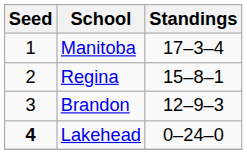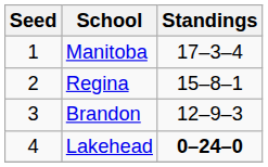 <table class="wikitable">
 <tr>
 <th>Seed</th>
 <th>School</th>
 <th>Standings</th>
 </tr>
 <tr>
 <td align=center>1</td>
 <td><a href='#'>Manitoba</a></td>
 <td align=center>17–3–4</td>
 </tr>
 <tr>
 <td align=center>2</td>
 <td><a href='#'>Regina</a></td>
 <td align=center>15–8–1</td>
 </tr>
 <tr>
 <td align=center>3</td>
 <td><a href='#'>Brandon</a></td>
 <td align=center>12–9–3</td>
 </tr>
 <tr>
-<td align=center><strong>4</strong></td>
+<td align=center>4</td>
 <td><a href='#'>Lakehead</a></td>
-<td align=center>0–24–0</td>
+<td align=center><strong>0–24–0</strong></td>
 </tr>
 <tr>
 </tr>
 </table>
